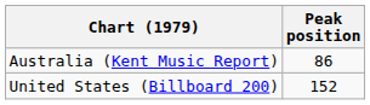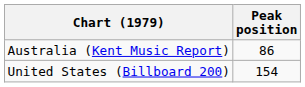 <table class="wikitable">
 <tr>
 <th scope="col">Chart (1979)</th>
 <th>Peak<br>position</th>
 </tr>
 <tr>
 <td>Australia (<a href='#'>Kent Music Report</a>)</td>
 <td style="text-align:center;">86</td>
 </tr>
 <tr>
 <td>United States (<a href='#'>Billboard 200</a>)</td>
-<td style="text-align:center;">152</td>
+<td style="text-align:center;">154</td>
 </tr>
 </table>
